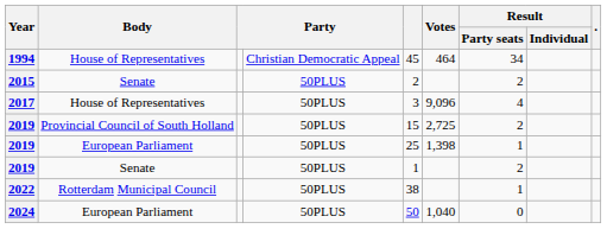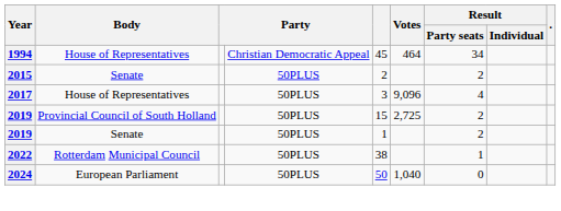 <table class="wikitable plainrowheaders sortable" border=2 cellpadding=4 cellspacing=0 style="border: 1px #aaa solid; font-size: 90%; text-align:center;">
 <tr>
 <th scope="col" rowspan=2>Year</th>
 <th scope="col" rowspan=2>Body</th>
 <th scope="col" colspan=2 rowspan=2>Party</th>
 <th scope="col" rowspan=2></th>
 <th scope="col" rowspan=2>Votes</th>
 <th scope="colgroup" colspan=2>Result</th>
 <th scope="col" rowspan=2 class="unsortable">.</th>
 </tr>
 <tr>
 <th scope="col">Party seats</th>
 <th scope="col">Individual</th>
 </tr>
 <tr>
 <th scope="row"><a href='#'>1994</a></th>
 <td><a href='#'>House of Representatives</a></td>
 <td style="background-color:"></td>
 <td><a href='#'>Christian Democratic Appeal</a></td>
 <td style=text-align:right>45</td>
 <td style=text-align:right>464</td>
 <td style=text-align:right>34</td>
 <td></td>
 <td></td>
 </tr>
 <tr>
 <th scope="row"><a href='#'>2015</a></th>
 <td><a href='#'>Senate</a></td>
 <td style="background-color:"></td>
 <td><a href='#'>50PLUS</a></td>
 <td style=text-align:right>2</td>
 <td style=text-align:right></td>
 <td style=text-align:right>2</td>
 <td></td>
 <td></td>
 </tr>
 <tr>
 <th scope="row"><a href='#'>2017</a></th>
 <td>House of Representatives</td>
 <td style="background-color:"></td>
 <td>50PLUS</td>
 <td style=text-align:right>3</td>
 <td style=text-align:right>9,096</td>
 <td style=text-align:right>4</td>
 <td></td>
 <td></td>
 </tr>
 <tr>
 <th scope="row"><a href='#'>2019</a></th>
 <td><a href='#'>Provincial Council of South Holland</a></td>
 <td style="background-color:"></td>
 <td>50PLUS</td>
 <td style=text-align:right>15</td>
 <td style=text-align:right>2,725</td>
 <td style=text-align:right>2</td>
 <td></td>
 <td></td>
 </tr>
 <tr>
 <th scope="row"><a href='#'>2019</a></th>
-<td><a href='#'>European Parliament</a></td>
-<td style="background-color:"></td>
-<td>50PLUS</td>
-<td style=text-align:right>25</td>
-<td style=text-align:right>1,398</td>
-<td style=text-align:right>1</td>
-<td></td>
-<td></td>
-</tr>
-<tr>
-<th scope="row"><a href='#'>2019</a></th>
 <td>Senate</td>
 <td style="background-color:"></td>
 <td>50PLUS</td>
 <td style=text-align:right>1</td>
 <td style=text-align:right></td>
 <td style=text-align:right>2</td>
 <td></td>
 <td></td>
 </tr>
 <tr>
 <th scope="row"><a href='#'>2022</a></th>
 <td><a href='#'>Rotterdam</a> <a href='#'>Municipal Council</a></td>
 <td style="background-color:"></td>
 <td>50PLUS</td>
 <td style=text-align:right>38</td>
 <td style=text-align:right></td>
 <td style=text-align:right>1</td>
 <td></td>
 <td></td>
 </tr>
 <tr>
 <th scope="row"><a href='#'>2024</a></th>
 <td>European Parliament</td>
 <td style="background-color:"></td>
 <td>50PLUS</td>
 <td style=text-align:right><a href='#'>50</a></td>
 <td style=text-align:right>1,040</td>
 <td style=text-align:right>0</td>
 <td></td>
 <td></td>
 </tr>
 </table>
